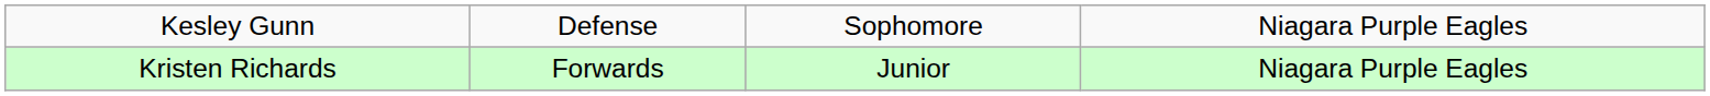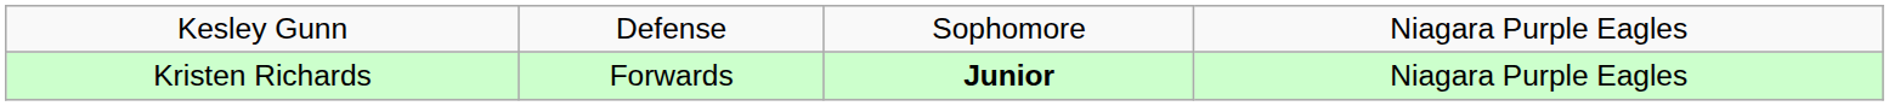 <table class="wikitable" width="80%">
 <tr align="center" bgcolor="">
 <td>Kesley Gunn</td>
 <td>Defense</td>
 <td>Sophomore</td>
 <td>Niagara Purple Eagles</td>
 </tr>
 <tr align="center" bgcolor=" #ccffcc ">
 <td>Kristen Richards</td>
 <td>Forwards</td>
-<td>Junior</td>
+<td><strong>Junior</strong></td>
 <td>Niagara Purple Eagles</td>
 </tr>
 </table>
